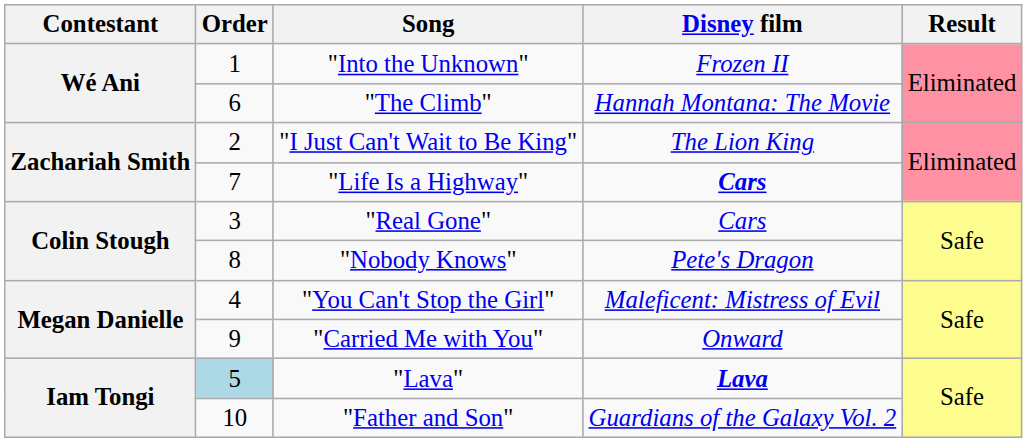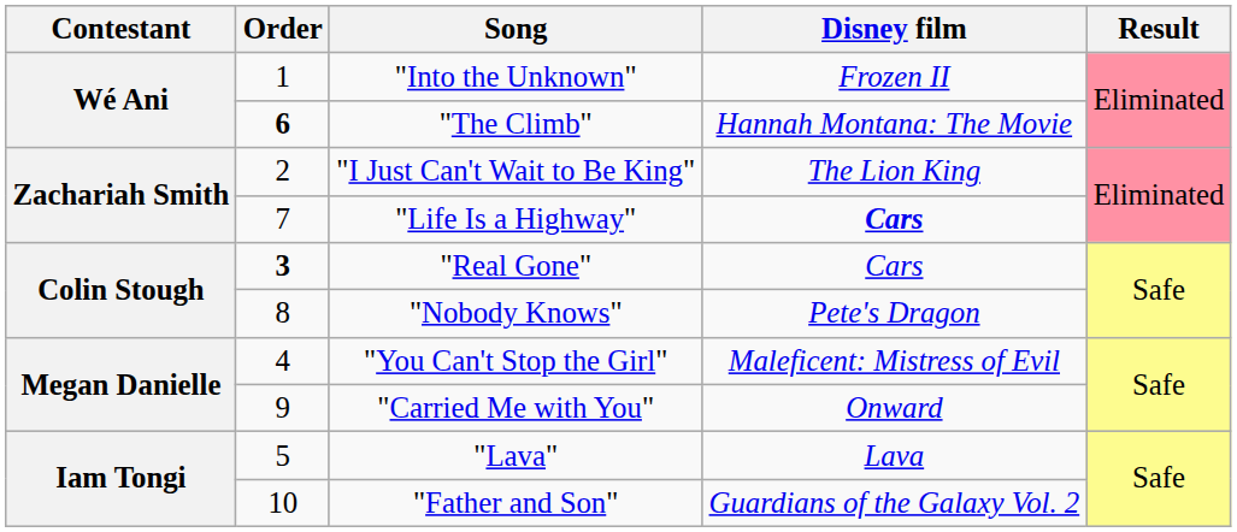 <table class="wikitable unsortable" style="text-align:center;">
 <tr>
 <th scope="col">Contestant</th>
 <th scope="col">Order</th>
 <th scope="col">Song</th>
 <th scope="col"><a href='#'>Disney</a> film</th>
 <th scope="col">Result</th>
 </tr>
 <tr>
 <th scope="row" rowspan="2">Wé Ani</th>
 <td>1</td>
 <td>"<a href='#'>Into the Unknown</a>"</td>
 <td><em><a href='#'>Frozen II</a></em></td>
 <td rowspan="2" bgcolor="FF91A4">Eliminated</td>
 </tr>
 <tr>
-<td>6</td>
+<td><strong>6</strong></td>
 <td>"<a href='#'>The Climb</a>"</td>
 <td><em><a href='#'>Hannah Montana: The Movie</a></em></td>
 </tr>
 <tr>
 <th scope="row" rowspan="2">Zachariah Smith</th>
 <td>2</td>
 <td>"<a href='#'>I Just Can't Wait to Be King</a>"</td>
 <td><em><a href='#'>The Lion King</a></em></td>
 <td rowspan="2" bgcolor="FF91A4">Eliminated</td>
 </tr>
 <tr>
 <td>7</td>
 <td>"<a href='#'>Life Is a Highway</a>"</td>
 <td><strong><em><a href='#'>Cars</a></em></strong></td>
 </tr>
 <tr>
 <th scope="row" rowspan="2">Colin Stough</th>
-<td>3</td>
+<td><strong>3</strong></td>
 <td>"<a href='#'>Real Gone</a>"</td>
 <td><em><a href='#'>Cars</a></em></td>
 <td rowspan="2" style="background:#FDFC8F;">Safe</td>
 </tr>
 <tr>
 <td>8</td>
 <td>"<a href='#'>Nobody Knows</a>"</td>
 <td><em><a href='#'>Pete's Dragon</a></em></td>
 </tr>
 <tr>
 <th scope="row" rowspan="2">Megan Danielle</th>
 <td>4</td>
 <td>"<a href='#'>You Can't Stop the Girl</a>"</td>
 <td><em><a href='#'>Maleficent: Mistress of Evil</a></em></td>
 <td rowspan="2" style="background:#FDFC8F;">Safe</td>
 </tr>
 <tr>
 <td>9</td>
 <td>"<a href='#'>Carried Me with You</a>"</td>
 <td><em><a href='#'>Onward</a></em></td>
 </tr>
 <tr>
 <th scope="row" rowspan="2">Iam Tongi</th>
-<td style="background: lightblue;">5</td>
+<td>5</td>
 <td>"<a href='#'>Lava</a>"</td>
-<td><strong><em><a href='#'>Lava</a></em></strong></td>
+<td><em><a href='#'>Lava</a></em></td>
 <td rowspan="2" style="background:#FDFC8F;">Safe</td>
 </tr>
 <tr>
 <td>10</td>
 <td>"<a href='#'>Father and Son</a>"</td>
 <td><em><a href='#'>Guardians of the Galaxy Vol. 2</a></em></td>
 </tr>
 </table>
